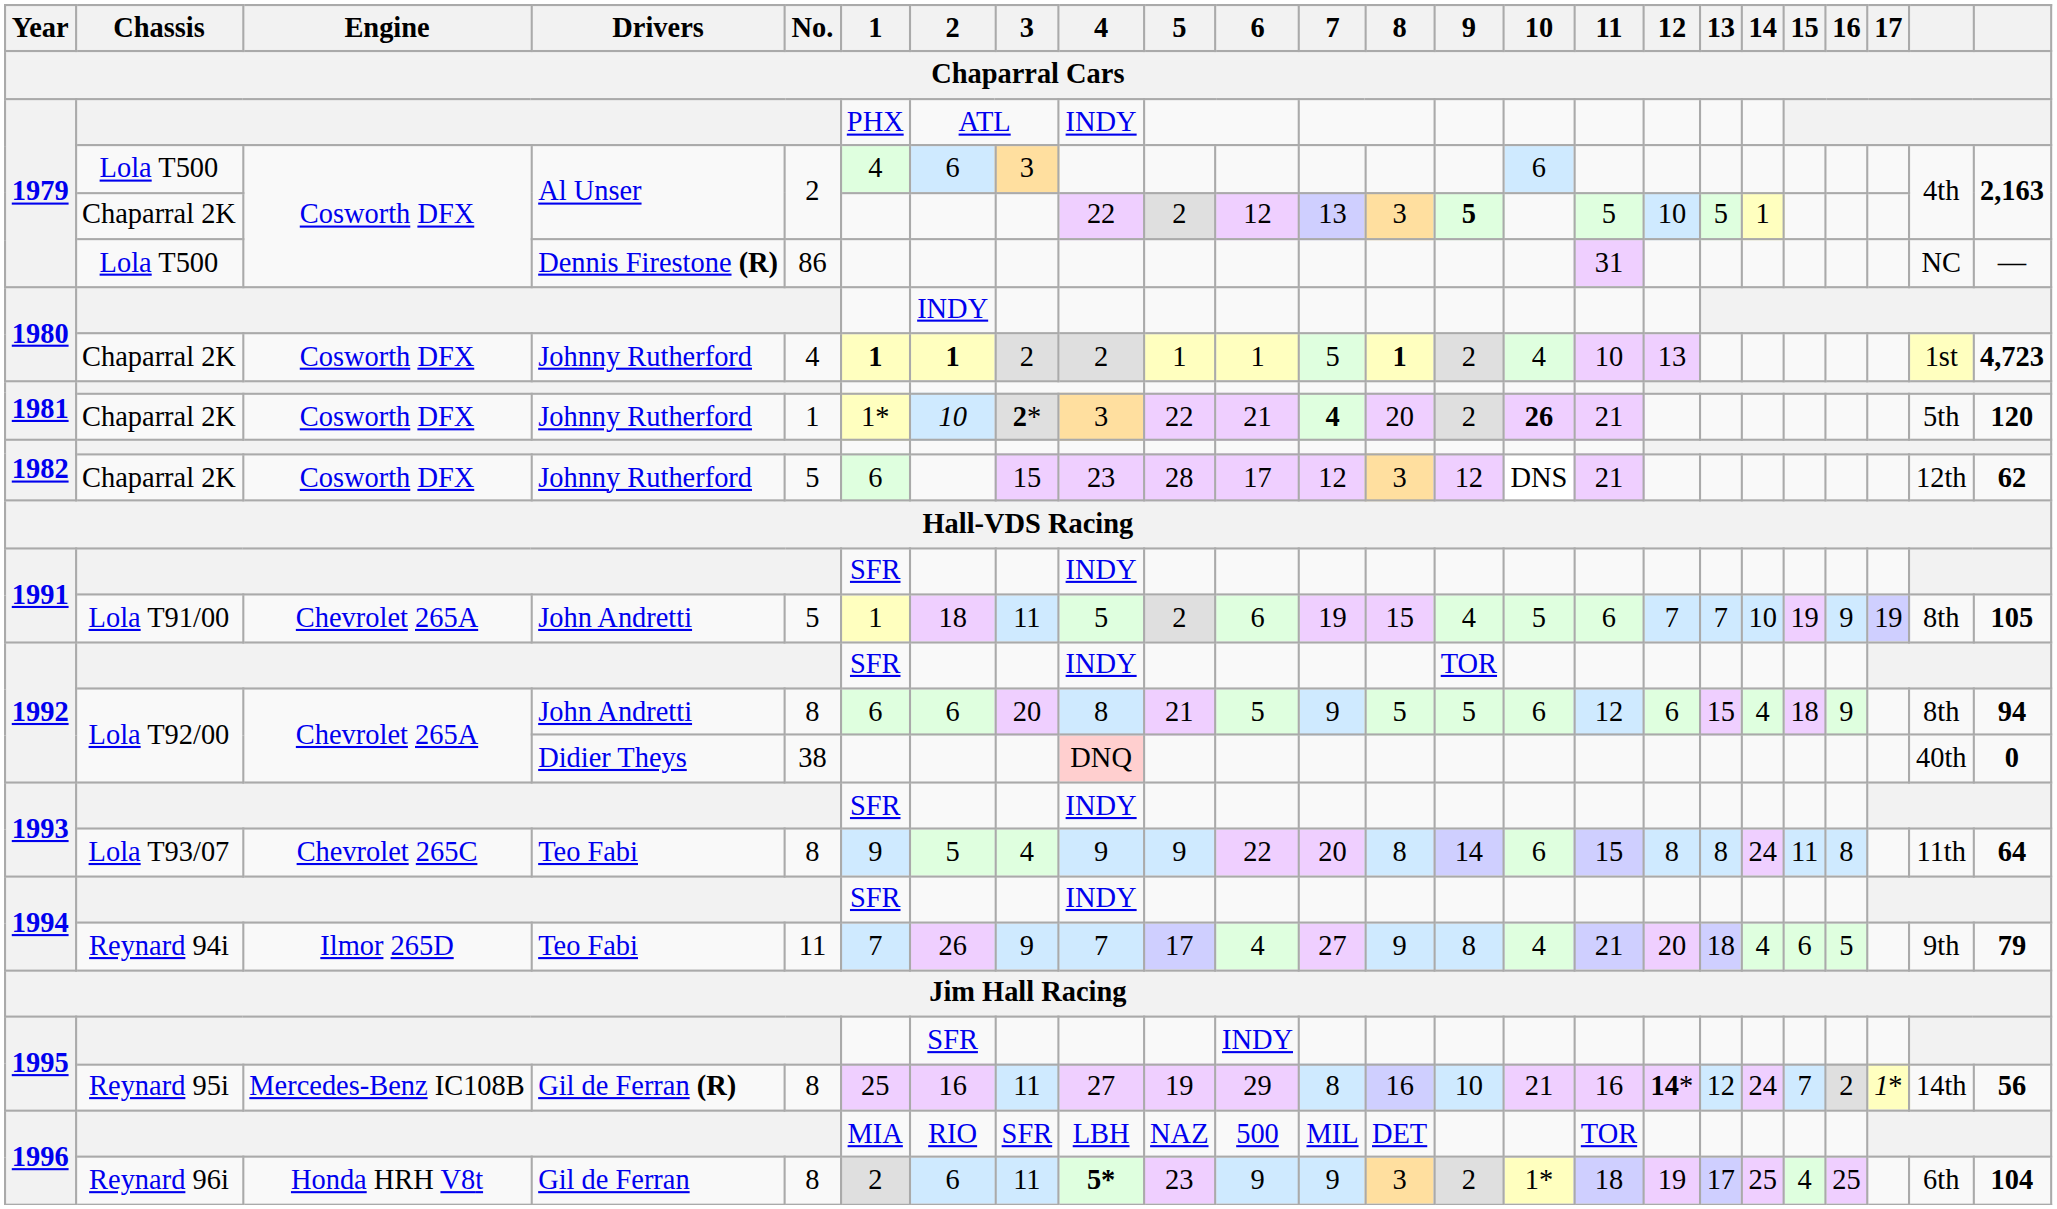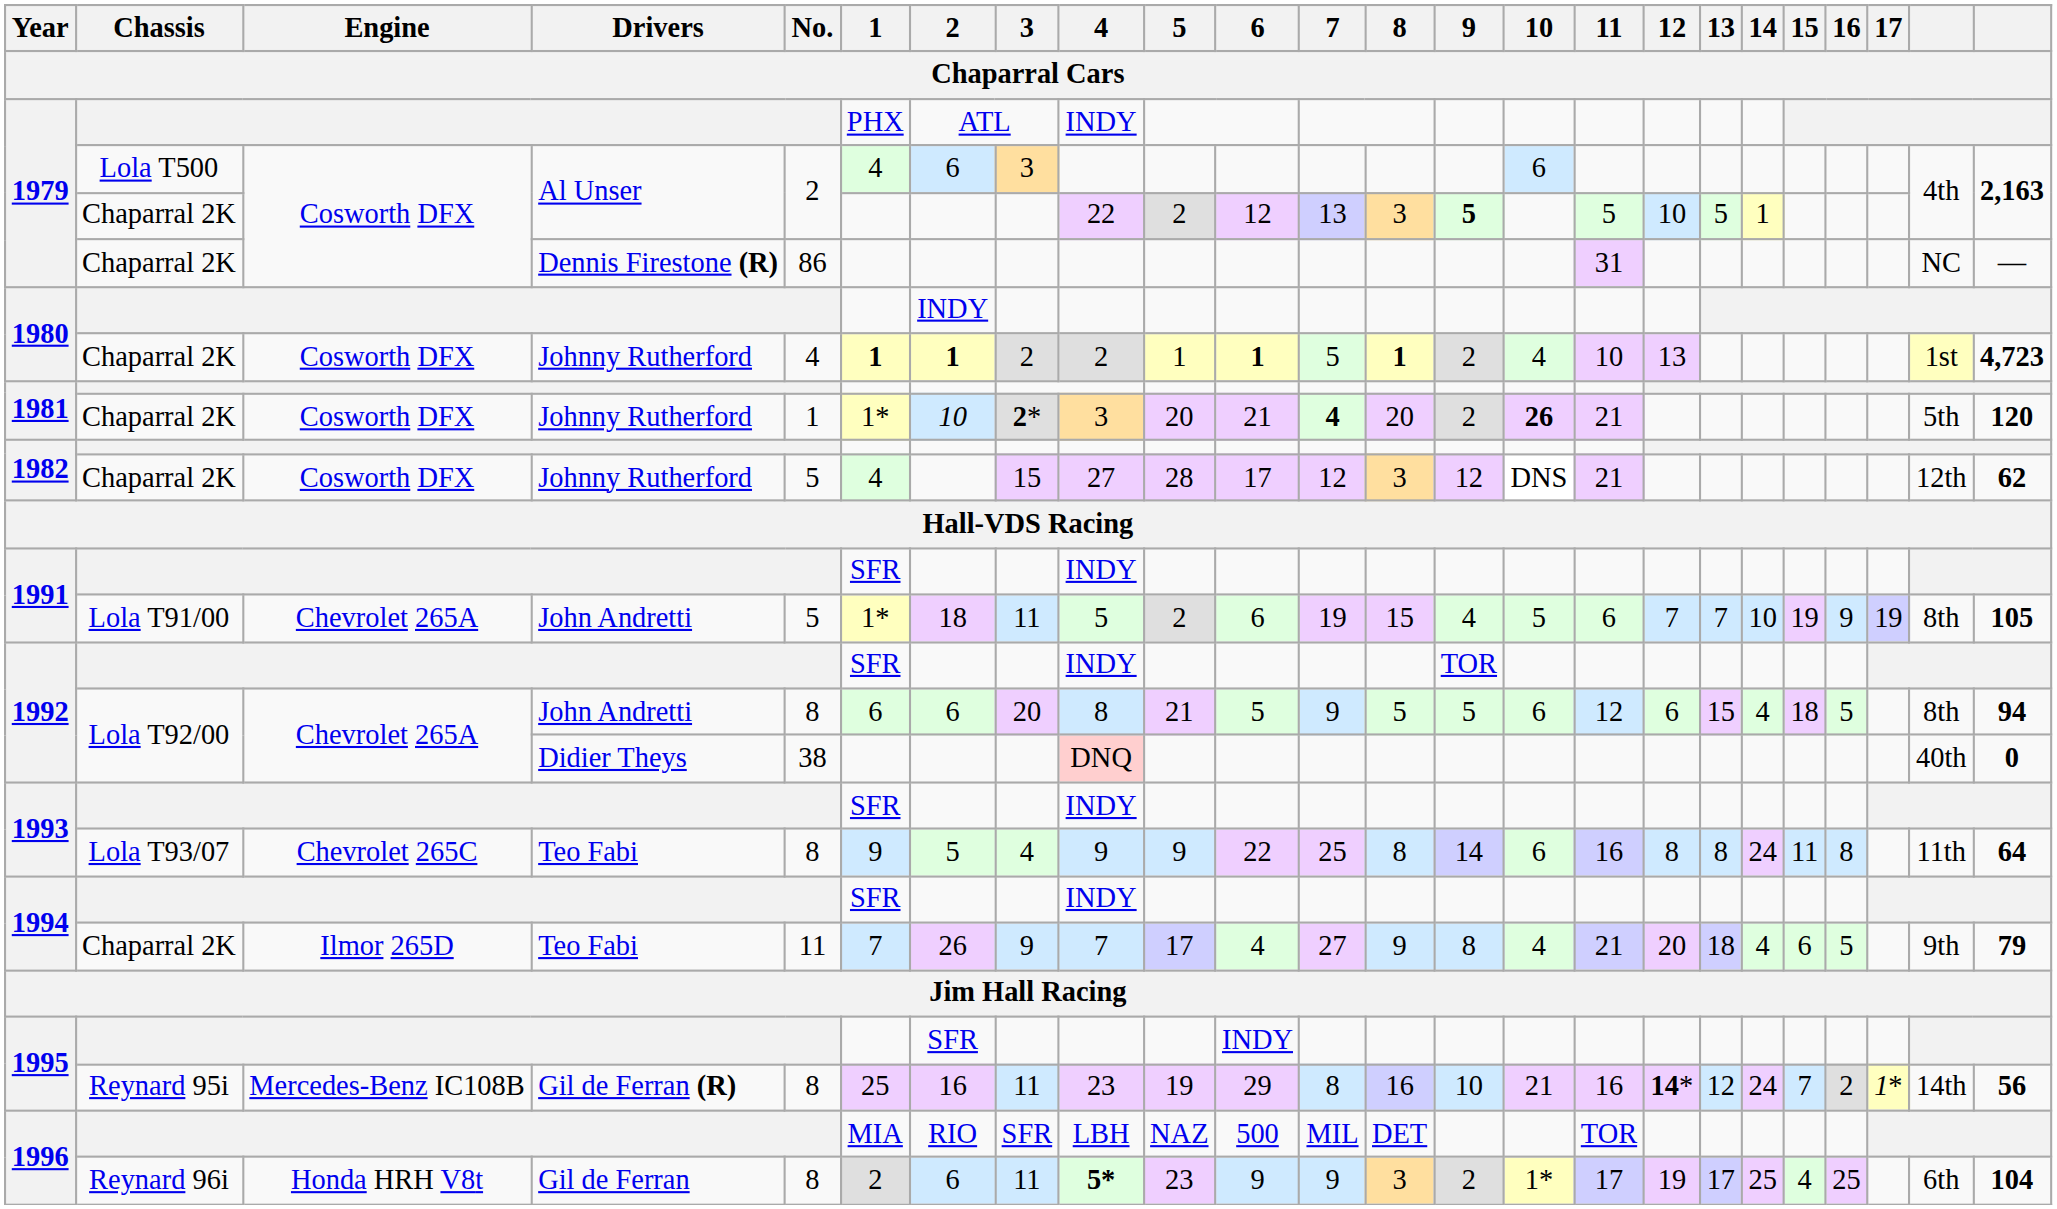 <table class="wikitable" style="text-align:center; font-size:85%">
 <tr>
 <th>Year</th>
 <th style="white-spaaace: nowrap;">Chassis</th>
 <th style="white-spaaace: nowrap;">Engine</th>
 <th style="white-spaaace: nowrap;">Drivers</th>
 <th>No.</th>
 <th>1</th>
 <th>2</th>
 <th>3</th>
 <th>4</th>
 <th>5</th>
 <th>6</th>
 <th>7</th>
 <th>8</th>
 <th>9</th>
 <th>10</th>
 <th>11</th>
 <th>12</th>
 <th>13</th>
 <th>14</th>
 <th>15</th>
 <th>16</th>
 <th>17</th>
 <th></th>
 <th></th>
 </tr>
 <tr>
 <th colspan=28>Chaparral Cars</th>
 </tr>
 <tr>
 <th rowspan=4><a href='#'>1979</a></th>
 <th colspan=4></th>
 <td><a href='#'>PHX</a></td>
 <td colspan=2><a href='#'>ATL</a></td>
 <td><a href='#'>INDY</a></td>
 <td colspan=2></td>
 <td colspan=2></td>
 <td></td>
 <td></td>
 <td></td>
 <td></td>
 <td></td>
 <td></td>
 <th colspan=9></th>
 </tr>
 <tr>
 <td><a href='#'>Lola</a> T500</td>
 <td rowspan=3><a href='#'>Cosworth</a> <a href='#'>DFX</a></td>
 <td align=left rowspan=2> <a href='#'>Al Unser</a></td>
 <td rowspan=2>2</td>
 <td style="background:#dfffdf;">4</td>
 <td style="background:#CFEAFF;">6</td>
 <td style="background:#ffdf9f;">3</td>
 <td></td>
 <td></td>
 <td></td>
 <td></td>
 <td></td>
 <td></td>
 <td style="background:#CFEAFF;">6</td>
 <td></td>
 <td></td>
 <td></td>
 <td></td>
 <td></td>
 <td></td>
 <td></td>
 <td rowspan=2>4th</td>
 <td rowspan=2><strong>2,163</strong></td>
 </tr>
 <tr>
 <td>Chaparral 2K</td>
 <td></td>
 <td></td>
 <td></td>
 <td style="background:#EFCFFF;">22</td>
 <td style="background:#DFDFDF;">2</td>
 <td style="background:#EFCFFF;">12</td>
 <td style="background:#CFCFFF;">13</td>
 <td style="background:#ffdf9f;">3</td>
 <td style="background:#dfffdf;"><strong>5</strong></td>
 <td></td>
 <td style="background:#dfffdf;">5</td>
 <td style="background:#CFEAFF;">10</td>
 <td style="background:#dfffdf;">5</td>
 <td style="background:#ffffbf;">1</td>
 <td></td>
 <td></td>
 <td></td>
 </tr>
 <tr>
-<td><a href='#'>Lola</a> T500</td>
+<td>Chaparral 2K</td>
 <td align=left> <a href='#'>Dennis Firestone</a> <strong>(R)</strong></td>
 <td>86</td>
 <td></td>
 <td></td>
 <td></td>
 <td></td>
 <td></td>
 <td></td>
 <td></td>
 <td></td>
 <td></td>
 <td></td>
 <td style="background:#EFCFFF;">31</td>
 <td></td>
 <td></td>
 <td></td>
 <td></td>
 <td></td>
 <td></td>
 <td>NC</td>
 <td>—</td>
 </tr>
 <tr>
 <th rowspan=2><a href='#'>1980</a></th>
 <th colspan=4></th>
 <td></td>
 <td><a href='#'>INDY</a></td>
 <td></td>
 <td></td>
 <td></td>
 <td></td>
 <td></td>
 <td></td>
 <td></td>
 <td></td>
 <td></td>
 <td></td>
 <th colspan=11></th>
 </tr>
 <tr>
 <td>Chaparral 2K</td>
 <td><a href='#'>Cosworth</a> <a href='#'>DFX</a></td>
 <td align="left"> <a href='#'>Johnny Rutherford</a></td>
 <td>4</td>
 <td style="background:#ffffbf;"><strong>1</strong></td>
 <td style="background:#ffffbf;"><strong>1</strong></td>
 <td style="background:#DFDFDF;">2</td>
 <td style="background:#DFDFDF;">2</td>
 <td style="background:#ffffbf;">1</td>
-<td style="background:#ffffbf;">1</td>
+<td style="background:#ffffbf;"><strong>1</strong></td>
 <td style="background:#dfffdf;">5</td>
 <td style="background:#ffffbf;"><strong>1</strong></td>
 <td style="background:#DFDFDF;">2</td>
 <td style="background:#dfffdf;">4</td>
 <td style="background:#EFCFFF;">10</td>
 <td style="background:#EFCFFF;">13</td>
 <td></td>
 <td></td>
 <td></td>
 <td></td>
 <td></td>
 <td style="background:#ffffbf;">1st</td>
 <td><strong>4,723</strong></td>
 </tr>
 <tr>
 <th rowspan=2><a href='#'>1981</a></th>
 <th colspan=4></th>
 <td></td>
 <td></td>
 <td colspan=2></td>
 <td></td>
 <td></td>
 <td></td>
 <td></td>
 <td></td>
 <td></td>
 <td></td>
 <th colspan=12></th>
 </tr>
 <tr>
 <td>Chaparral 2K</td>
 <td><a href='#'>Cosworth</a> <a href='#'>DFX</a></td>
 <td align="left"> <a href='#'>Johnny Rutherford</a></td>
 <td>1</td>
 <td style="background:#ffffbf;">1*</td>
 <td style="background:#CFEAFF;"><em>10</em></td>
 <td style="background:#dfdfdf;"><strong>2</strong>*</td>
 <td style="background:#ffdf9f;">3</td>
-<td style="background:#efcfff;">22</td>
+<td style="background:#efcfff;">20</td>
 <td style="background:#efcfff;">21</td>
 <td style="background:#dfffdf;"><strong>4</strong></td>
 <td style="background:#efcfff;">20</td>
 <td style="background:#dfdfdf;">2</td>
 <td style="background:#efcfff;"><strong>26</strong></td>
 <td style="background:#efcfff;">21</td>
 <td></td>
 <td></td>
 <td></td>
 <td></td>
 <td></td>
 <td></td>
 <td>5th</td>
 <td><strong>120</strong></td>
 </tr>
 <tr>
 <th rowspan=2><a href='#'>1982</a></th>
 <th colspan=4></th>
 <td></td>
 <td></td>
 <td></td>
 <td></td>
 <td></td>
 <td></td>
 <td></td>
 <td></td>
 <td></td>
 <td></td>
 <td></td>
 <th colspan=12></th>
 </tr>
 <tr>
 <td>Chaparral 2K</td>
 <td><a href='#'>Cosworth</a> <a href='#'>DFX</a></td>
 <td align="left"> <a href='#'>Johnny Rutherford</a></td>
 <td>5</td>
-<td style="background:#DFFFDF;">6</td>
+<td style="background:#DFFFDF;" align=center>4</td>
 <td></td>
 <td style="background:#EFCFFF;" align=center>15</td>
-<td style="background:#EFCFFF;" align=center>23</td>
+<td style="background:#EFCFFF;">27</td>
 <td style="background:#EFCFFF;" align=center>28</td>
 <td style="background:#EFCFFF;" align=center>17</td>
 <td style="background:#EFCFFF;" align=center>12</td>
 <td style="background:#FFDF9F;" align=center>3</td>
 <td style="background:#EFCFFF;" align=center>12</td>
 <td style="background:#FFFFFF;" align=center>DNS</td>
 <td style="background:#EFCFFF;" align=center>21</td>
 <td></td>
 <td></td>
 <td></td>
 <td></td>
 <td></td>
 <td></td>
 <td>12th</td>
 <td><strong>62</strong></td>
 </tr>
 <tr>
 <th colspan=28>Hall-VDS Racing</th>
 </tr>
 <tr>
 <th rowspan=2><a href='#'>1991</a></th>
 <th colspan=4></th>
 <td><a href='#'>SFR</a></td>
 <td></td>
 <td></td>
 <td><a href='#'>INDY</a></td>
 <td></td>
 <td></td>
 <td></td>
 <td></td>
 <td></td>
 <td></td>
 <td></td>
 <td></td>
 <td></td>
 <td></td>
 <td></td>
 <td></td>
 <td></td>
 <th colspan=6></th>
 </tr>
 <tr>
 <td><a href='#'>Lola</a> T91/00</td>
 <td><a href='#'>Chevrolet</a> <a href='#'>265A</a></td>
 <td align=left> <a href='#'>John Andretti</a></td>
 <td>5</td>
-<td style="background:#FFFFBF;">1</td>
+<td style="background:#ffffbf;">1*</td>
 <td style="background:#EFCFFF;">18</td>
 <td style="background:#CFEAFF;">11</td>
 <td style="background:#DFFFDF;">5</td>
 <td style="background:#DFDFDF;">2</td>
 <td style="background:#DFFFDF;">6</td>
 <td style="background:#EFCFFF;">19</td>
 <td style="background:#EFCFFF;">15</td>
 <td style="background:#DFFFDF;">4</td>
 <td style="background:#DFFFDF;">5</td>
 <td style="background:#DFFFDF;">6</td>
 <td style="background:#CFEAFF;">7</td>
 <td style="background:#CFEAFF;">7</td>
 <td style="background:#CFEAFF;">10</td>
 <td style="background:#EFCFFF;">19</td>
 <td style="background:#CFEAFF;">9</td>
 <td style="background:#CFCFFF;">19</td>
 <td>8th</td>
 <td><strong>105</strong></td>
 </tr>
 <tr>
 <th rowspan=3><a href='#'>1992</a></th>
 <th colspan=4></th>
 <td><a href='#'>SFR</a></td>
 <td></td>
 <td></td>
 <td><a href='#'>INDY</a></td>
 <td></td>
 <td></td>
 <td></td>
 <td></td>
 <td><a href='#'>TOR</a></td>
 <td></td>
 <td></td>
 <td></td>
 <td></td>
 <td></td>
 <td></td>
 <td></td>
 <th colspan=7></th>
 </tr>
 <tr>
 <td rowspan=2><a href='#'>Lola</a> T92/00</td>
 <td rowspan=2><a href='#'>Chevrolet</a> <a href='#'>265A</a></td>
 <td align=left> <a href='#'>John Andretti</a></td>
 <td>8</td>
 <td style="background:#DFFFDF;">6</td>
 <td style="background:#DFFFDF;">6</td>
 <td style="background:#efcfff;">20</td>
 <td style="background:#CFEAFF;">8</td>
 <td style="background:#efcfff;">21</td>
 <td style="background:#dfffdf;">5</td>
 <td style="background:#CFEAFF;">9</td>
 <td style="background:#dfffdf;">5</td>
 <td style="background:#dfffdf;">5</td>
 <td style="background:#DFFFDF;">6</td>
 <td style="background:#CFEAFF;">12</td>
 <td style="background:#DFFFDF;">6</td>
 <td style="background:#efcfff;">15</td>
 <td style="background:#dfffdf;">4</td>
 <td style="background:#efcfff;">18</td>
-<td style="background:#dfffdf;">9</td>
+<td style="background:#dfffdf;">5</td>
 <td></td>
 <td>8th</td>
 <td><strong>94</strong></td>
 </tr>
 <tr>
 <td align=left> <a href='#'>Didier Theys</a></td>
 <td>38</td>
 <td></td>
 <td></td>
 <td></td>
 <td style="background:#ffcfcf;">DNQ</td>
 <td></td>
 <td></td>
 <td></td>
 <td></td>
 <td></td>
 <td></td>
 <td></td>
 <td></td>
 <td></td>
 <td></td>
 <td></td>
 <td></td>
 <td></td>
 <td>40th</td>
 <td><strong>0</strong></td>
 </tr>
 <tr>
 <th rowspan=2><a href='#'>1993</a></th>
 <th colspan=4></th>
 <td><a href='#'>SFR</a></td>
 <td></td>
 <td></td>
 <td><a href='#'>INDY</a></td>
 <td></td>
 <td></td>
 <td></td>
 <td></td>
 <td></td>
 <td></td>
 <td></td>
 <td></td>
 <td></td>
 <td></td>
 <td></td>
 <td></td>
 <th colspan=7></th>
 </tr>
 <tr>
 <td><a href='#'>Lola</a> T93/07</td>
 <td><a href='#'>Chevrolet</a> <a href='#'>265C</a></td>
 <td align=left> <a href='#'>Teo Fabi</a></td>
 <td>8</td>
 <td style="background:#CFEAFF;">9</td>
 <td style="background:#dfffdf;">5</td>
 <td style="background:#dfffdf;">4</td>
 <td style="background:#CFEAFF;">9</td>
 <td style="background:#CFEAFF;">9</td>
 <td style="background:#efcfff;">22</td>
-<td style="background:#efcfff;">20</td>
+<td style="background:#efcfff;">25</td>
 <td style="background:#CFEAFF;">8</td>
 <td style="background:#cfcfff;">14</td>
 <td style="background:#DFFFDF;">6</td>
-<td style="background:#cfcfff;">15</td>
+<td style="background:#cfcfff;">16</td>
 <td style="background:#CFEAFF;">8</td>
 <td style="background:#CFEAFF;">8</td>
 <td style="background:#efcfff;">24</td>
 <td style="background:#CFEAFF;">11</td>
 <td style="background:#CFEAFF;">8</td>
 <td></td>
 <td>11th</td>
 <td><strong>64</strong></td>
 </tr>
 <tr>
 <th rowspan=2><a href='#'>1994</a></th>
 <th colspan=4></th>
 <td><a href='#'>SFR</a></td>
 <td></td>
 <td></td>
 <td><a href='#'>INDY</a></td>
 <td></td>
 <td></td>
 <td></td>
 <td></td>
 <td></td>
 <td></td>
 <td></td>
 <td></td>
 <td></td>
 <td></td>
 <td></td>
 <td></td>
 <th colspan=7></th>
 </tr>
 <tr>
-<td><a href='#'>Reynard</a> 94i</td>
+<td>Chaparral 2K</td>
 <td><a href='#'>Ilmor</a> <a href='#'>265D</a></td>
 <td align=left> <a href='#'>Teo Fabi</a></td>
 <td>11</td>
 <td style="background:#CFEAFF;">7</td>
 <td style="background:#efcfff;">26</td>
 <td style="background:#CFEAFF;">9</td>
 <td style="background:#CFEAFF;">7</td>
 <td style="background:#cfcfff;">17</td>
 <td style="background:#dfffdf;">4</td>
 <td style="background:#efcfff;">27</td>
 <td style="background:#CFEAFF;">9</td>
 <td style="background:#CFEAFF;">8</td>
 <td style="background:#dfffdf;">4</td>
 <td style="background:#cfcfff;">21</td>
 <td style="background:#efcfff;">20</td>
 <td style="background:#cfcfff;">18</td>
 <td style="background:#dfffdf;">4</td>
 <td style="background:#DFFFDF;">6</td>
 <td style="background:#dfffdf;">5</td>
 <td></td>
 <td>9th</td>
 <td><strong>79</strong></td>
 </tr>
 <tr>
 <th colspan=28>Jim Hall Racing</th>
 </tr>
 <tr>
 <th rowspan=2><a href='#'>1995</a></th>
 <th colspan=4></th>
 <td></td>
 <td><a href='#'>SFR</a></td>
 <td></td>
 <td></td>
 <td></td>
 <td><a href='#'>INDY</a></td>
 <td></td>
 <td></td>
 <td></td>
 <td></td>
 <td></td>
 <td></td>
 <td></td>
 <td></td>
 <td></td>
 <td></td>
 <td></td>
 <th colspan=6></th>
 </tr>
 <tr>
 <td><a href='#'>Reynard</a> 95i</td>
 <td><a href='#'>Mercedes-Benz</a> IC108B</td>
 <td align=left> <a href='#'>Gil de Ferran</a> <strong>(R)</strong></td>
 <td>8</td>
 <td style="background:#EFCFFF;">25</td>
 <td style="background:#EFCFFF;">16</td>
 <td style="background:#CFEAFF;">11</td>
-<td style="background:#EFCFFF;">27</td>
+<td style="background:#EFCFFF;" align=center>23</td>
 <td style="background:#EFCFFF;">19</td>
 <td style="background:#EFCFFF;">29</td>
 <td style="background:#CFEAFF;">8</td>
 <td style="background:#cfcfff;">16</td>
 <td style="background:#CFEAFF;">10</td>
 <td style="background:#EFCFFF;">21</td>
 <td style="background:#EFCFFF;">16</td>
 <td style="background:#EFCFFF;"><strong>14</strong>*</td>
 <td style="background:#CFEAFF;">12</td>
 <td style="background:#EFCFFF;">24</td>
 <td style="background:#CFEAFF;">7</td>
 <td style="background:#dfdfdf;">2</td>
 <td style="background:#ffffbf;"><em>1</em>*</td>
 <td>14th</td>
 <td><strong>56</strong></td>
 </tr>
 <tr>
 <th rowspan=2><a href='#'>1996</a></th>
 <th colspan=4></th>
 <td><a href='#'>MIA</a></td>
 <td><a href='#'>RIO</a></td>
 <td><a href='#'>SFR</a></td>
 <td><a href='#'>LBH</a></td>
 <td><a href='#'>NAZ</a></td>
 <td><a href='#'>500</a></td>
 <td><a href='#'>MIL</a></td>
 <td><a href='#'>DET</a></td>
 <td></td>
 <td></td>
 <td><a href='#'>TOR</a></td>
 <td></td>
 <td></td>
 <td></td>
 <td></td>
 <td></td>
 <th colspan=7></th>
 </tr>
 <tr>
 <td><a href='#'>Reynard</a> 96i</td>
 <td><a href='#'>Honda</a> HRH <a href='#'>V8</a><a href='#'>t</a></td>
 <td align=left> <a href='#'>Gil de Ferran</a></td>
 <td>8</td>
 <td style="background:#DFDFDF;">2</td>
 <td style="background:#CFEAFF;">6</td>
 <td style="background:#CFEAFF;">11</td>
 <td style="background:#dfffdf;"><strong>5*</strong></td>
 <td style="background:#efcfff;">23</td>
 <td style="background:#CFEAFF;">9</td>
 <td style="background:#CFEAFF;">9</td>
 <td style="background:#ffdf9f;">3</td>
 <td style="background:#DFDFDF;">2</td>
 <td style="background:#ffffbf;">1*</td>
-<td style="background:#cfcfff;">18</td>
+<td style="background:#cfcfff;">17</td>
 <td style="background:#efcfff;">19</td>
 <td style="background:#cfcfff;">17</td>
 <td style="background:#efcfff;">25</td>
 <td style="background:#dfffdf;">4</td>
 <td style="background:#efcfff;">25</td>
 <td></td>
 <td>6th</td>
 <td><strong>104</strong></td>
 </tr>
 </table>
